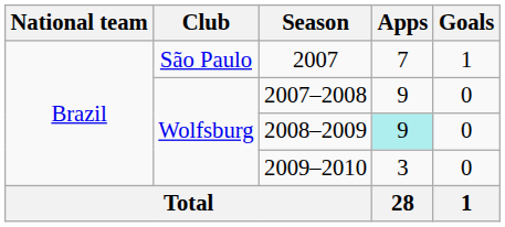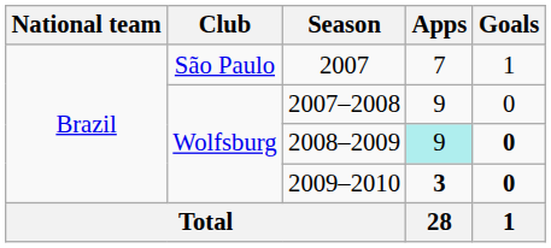 <table class="wikitable" style="text-align: center;">
 <tr>
 <th>National team</th>
 <th>Club</th>
 <th>Season</th>
 <th>Apps</th>
 <th>Goals</th>
 </tr>
 <tr>
 <td rowspan="4" valign="center"><a href='#'>Brazil</a></td>
 <td rowspan="1" valign="center"><a href='#'>São Paulo</a></td>
 <td>2007</td>
 <td>7</td>
 <td>1</td>
 </tr>
 <tr>
 <td rowspan="3" valign="center"><a href='#'>Wolfsburg</a></td>
 <td>2007–2008</td>
 <td>9</td>
 <td>0</td>
 </tr>
 <tr>
 <td>2008–2009</td>
 <td style="background: paleturquoise;">9</td>
-<td>0</td>
+<td><strong>0</strong></td>
 </tr>
 <tr>
 <td>2009–2010</td>
-<td>3</td>
-<td>0</td>
+<td><strong>3</strong></td>
+<td><strong>0</strong></td>
 </tr>
 <tr>
 <th colspan="3">Total</th>
 <th>28</th>
 <th>1</th>
 </tr>
 </table>
